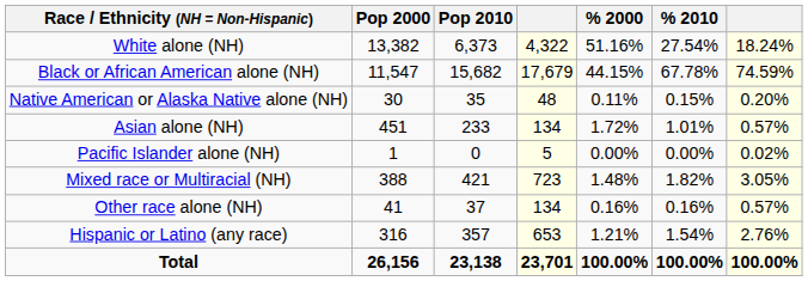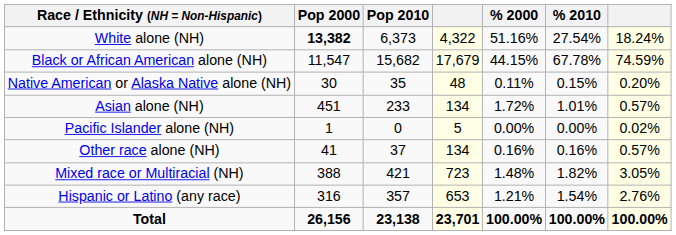 <table class="wikitable" style="text-align:center;">
 <tr>
 <th>Race / Ethnicity <small>(<em>NH = Non-Hispanic</em>)</small></th>
 <th>Pop 2000</th>
 <th>Pop 2010</th>
 <th></th>
 <th>% 2000</th>
 <th>% 2010</th>
 <th></th>
 </tr>
 <tr>
 <td><a href='#'>White</a> alone (NH)</td>
-<td>13,382</td>
+<td><strong>13,382</strong></td>
 <td>6,373</td>
 <td style='background: #ffffe6;'>4,322</td>
 <td>51.16%</td>
 <td>27.54%</td>
 <td style='background: #ffffe6;'>18.24%</td>
 </tr>
 <tr>
 <td><a href='#'>Black or African American</a> alone (NH)</td>
 <td>11,547</td>
 <td>15,682</td>
 <td style='background: #ffffe6;'>17,679</td>
 <td>44.15%</td>
 <td>67.78%</td>
 <td style='background: #ffffe6;'>74.59%</td>
 </tr>
 <tr>
 <td><a href='#'>Native American</a> or <a href='#'>Alaska Native</a> alone (NH)</td>
 <td>30</td>
 <td>35</td>
 <td style='background: #ffffe6;'>48</td>
 <td>0.11%</td>
 <td>0.15%</td>
 <td style='background: #ffffe6;'>0.20%</td>
 </tr>
 <tr>
 <td><a href='#'>Asian</a> alone (NH)</td>
 <td>451</td>
 <td>233</td>
 <td style='background: #ffffe6;'>134</td>
 <td>1.72%</td>
 <td>1.01%</td>
 <td style='background: #ffffe6;'>0.57%</td>
 </tr>
 <tr>
 <td><a href='#'>Pacific Islander</a> alone (NH)</td>
 <td>1</td>
 <td>0</td>
 <td style='background: #ffffe6;'>5</td>
 <td>0.00%</td>
 <td>0.00%</td>
 <td style='background: #ffffe6;'>0.02%</td>
 </tr>
 <tr>
+<td><a href='#'>Other race</a> alone (NH)</td>
+<td>41</td>
+<td>37</td>
+<td style='background: #ffffe6;'>134</td>
+<td>0.16%</td>
+<td>0.16%</td>
+<td style='background: #ffffe6;'>0.57%</td>
+</tr>
+<tr>
 <td><a href='#'>Mixed race or Multiracial</a> (NH)</td>
 <td>388</td>
 <td>421</td>
 <td style='background: #ffffe6;'>723</td>
 <td>1.48%</td>
 <td>1.82%</td>
 <td style='background: #ffffe6;'>3.05%</td>
-</tr>
-<tr>
-<td><a href='#'>Other race</a> alone (NH)</td>
-<td>41</td>
-<td>37</td>
-<td style='background: #ffffe6;'>134</td>
-<td>0.16%</td>
-<td>0.16%</td>
-<td style='background: #ffffe6;'>0.57%</td>
 </tr>
 <tr>
 <td><a href='#'>Hispanic or Latino</a> (any race)</td>
 <td>316</td>
 <td>357</td>
 <td style='background: #ffffe6;'>653</td>
 <td>1.21%</td>
 <td>1.54%</td>
 <td style='background: #ffffe6;'>2.76%</td>
 </tr>
 <tr>
 <td><strong>Total</strong></td>
 <td><strong>26,156</strong></td>
 <td><strong>23,138</strong></td>
 <td style='background: #ffffe6;'><strong>23,701</strong></td>
 <td><strong>100.00%</strong></td>
 <td><strong>100.00%</strong></td>
 <td style='background: #ffffe6;'><strong>100.00%</strong></td>
 </tr>
 </table>
